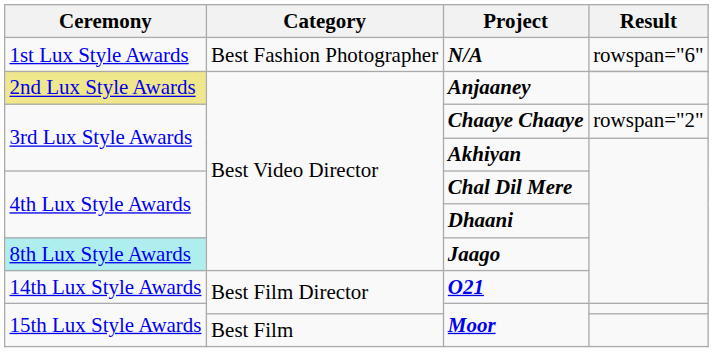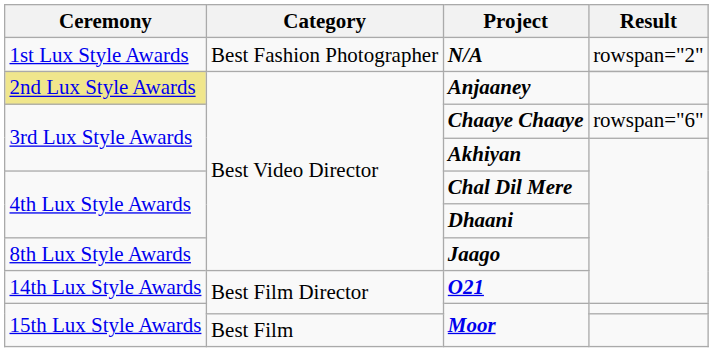 <table class="wikitable style">
 <tr>
 <th>Ceremony</th>
 <th>Category</th>
 <th>Project</th>
 <th>Result</th>
 </tr>
 <tr>
 <td rowspan="2"><a href='#'>1st Lux Style Awards</a></td>
 <td>Best Fashion Photographer</td>
 <td rowspan="2"><strong><em>N/A</em></strong></td>
-<td>rowspan="6" </td>
+<td>rowspan="2"</td>
 </tr>
 <tr>
 <td rowspan="7">Best Video Director</td>
 </tr>
 <tr>
 <td style="background: khaki;"><a href='#'>2nd Lux Style Awards</a></td>
 <td><strong><em>Anjaaney</em></strong></td>
 <td></td>
 </tr>
 <tr>
 <td rowspan="2"><a href='#'>3rd Lux Style Awards</a></td>
 <td><strong><em>Chaaye Chaaye</em></strong></td>
-<td>rowspan="2"</td>
+<td>rowspan="6" </td>
 </tr>
 <tr>
 <td><strong><em>Akhiyan</em></strong></td>
 </tr>
 <tr>
 <td rowspan="2"><a href='#'>4th Lux Style Awards</a></td>
 <td><strong><em>Chal Dil Mere</em></strong></td>
 </tr>
 <tr>
 <td><strong><em>Dhaani</em></strong></td>
 </tr>
 <tr>
-<td style="background: paleturquoise;"><a href='#'>8th Lux Style Awards</a></td>
+<td><a href='#'>8th Lux Style Awards</a></td>
 <td><strong><em>Jaago</em></strong></td>
 </tr>
 <tr>
 <td><a href='#'>14th Lux Style Awards</a></td>
 <td rowspan="2">Best Film Director</td>
 <td><strong><em><a href='#'>O21</a></em></strong></td>
 </tr>
 <tr>
 <td rowspan="2"><a href='#'>15th Lux Style Awards</a></td>
 <td rowspan="2"><strong><em><a href='#'>Moor</a></em></strong></td>
 <td></td>
 </tr>
 <tr>
 <td>Best Film</td>
 <td></td>
 </tr>
 </table>
